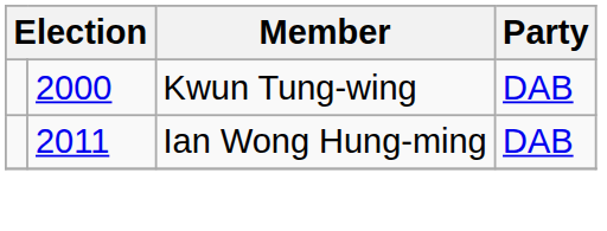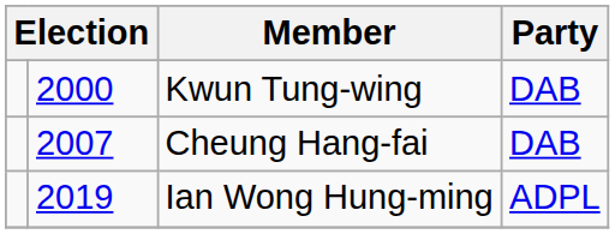 <table class="wikitable">
 <tr>
 <th colspan="2">Election</th>
 <th>Member</th>
 <th>Party</th>
 </tr>
 <tr>
 <td style="background-color: "></td>
 <td><a href='#'>2000</a></td>
 <td>Kwun Tung-wing</td>
 <td><a href='#'>DAB</a></td>
 </tr>
 <tr>
 <td style="background-color: "></td>
-<td><a href='#'>2011</a></td>
+<td><a href='#'>2007</a></td>
+<td>Cheung Hang-fai</td>
+<td><a href='#'>DAB</a></td>
+</tr>
+<tr>
+<td style="background-color: "></td>
+<td><a href='#'>2019</a></td>
 <td>Ian Wong Hung-ming</td>
-<td><a href='#'>DAB</a></td>
+<td><a href='#'>ADPL</a></td>
 </tr>
 <tr>
 </tr>
 </table>
